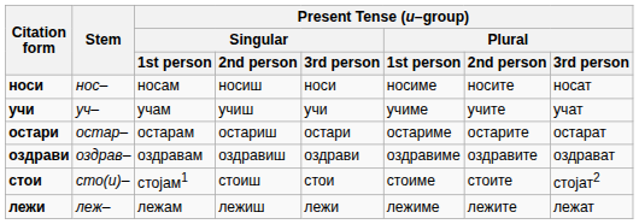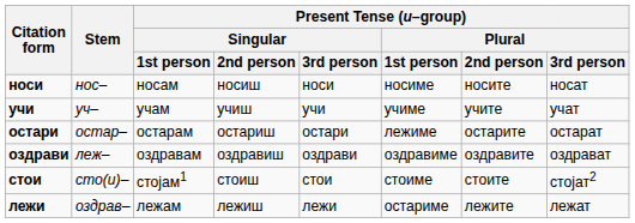 <table class="wikitable">
 <tr>
 <th rowspan="3">Citation<br>form</th>
 <th rowspan="3">Stem</th>
 <th colspan="6">Present Tense (<em>и</em>–group)</th>
 </tr>
 <tr>
 <th colspan="3">Singular</th>
 <th colspan="3">Plural</th>
 </tr>
 <tr>
 <th>1st person</th>
 <th>2nd person</th>
 <th>3rd person</th>
 <th>1st person</th>
 <th>2nd person</th>
 <th>3rd person</th>
 </tr>
 <tr>
 <td><strong>носи</strong></td>
 <td><em>нос–</em></td>
 <td>нос<span>ам</span></td>
 <td>нос<span>и</span><span>ш</span></td>
 <td>нос<span>и</span></td>
 <td>нос<span>и</span><span>ме</span></td>
 <td>нос<span>и</span><span>те</span></td>
 <td>нос<span>ат</span></td>
 </tr>
 <tr>
 <td><strong>учи</strong></td>
 <td><em>уч–</em></td>
 <td>уч<span>ам</span></td>
 <td>уч<span>и</span><span>ш</span></td>
 <td>уч<span>и</span></td>
 <td>уч<span>и</span><span>ме</span></td>
 <td>уч<span>и</span><span>те</span></td>
 <td>уч<span>ат</span></td>
 </tr>
 <tr>
 <td><strong>остари</strong></td>
 <td><em>остар–</em></td>
 <td>остар<span>ам</span></td>
 <td>остар<span>и</span><span>ш</span></td>
 <td>остар<span>и</span></td>
-<td>остар<span>и</span><span>ме</span></td>
+<td>леж<span>и</span><span>ме</span></td>
 <td>остар<span>и</span><span>те</span></td>
 <td>остар<span>ат</span></td>
 </tr>
 <tr>
 <td><strong>оздрави</strong></td>
-<td><em>оздрав–</em></td>
+<td><em>леж–</em></td>
 <td>оздрав<span>ам</span></td>
 <td>оздрав<span>и</span><span>ш</span></td>
 <td>оздрав<span>и</span></td>
 <td>оздрав<span>и</span><span>ме</span></td>
 <td>оздрав<span>и</span><span>те</span></td>
 <td>оздрав<span>ат</span></td>
 </tr>
 <tr>
 <td><strong>стои</strong></td>
 <td><em>сто(и)–</em></td>
 <td>сто<span>ј</span><span>ам</span><sup>1</sup></td>
 <td>сто<span>и</span><span>ш</span></td>
 <td>сто<span>и</span></td>
 <td>сто<span>и</span><span>ме</span></td>
 <td>сто<span>и</span><span>те</span></td>
 <td>сто<span>ј</span><span>ат</span><sup>2</sup></td>
 </tr>
 <tr>
 <td><strong>лежи</strong></td>
-<td><em>леж–</em></td>
+<td><em>оздрав–</em></td>
 <td>леж<span>ам</span></td>
 <td>леж<span>и</span><span>ш</span></td>
 <td>леж<span>и</span></td>
-<td>леж<span>и</span><span>ме</span></td>
+<td>остар<span>и</span><span>ме</span></td>
 <td>леж<span>и</span><span>те</span></td>
 <td>леж<span>ат</span></td>
 </tr>
 </table>
